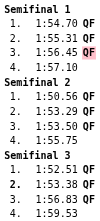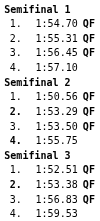 <table style="text-align:center">
 <tr>
 <td colspan=4 align=left><strong>Semifinal 1</strong></td>
 </tr>
 <tr>
 <td width=30>1.</td>
 <td align=left></td>
 <td width=60>1:54.70</td>
 <td><strong>QF</strong></td>
 </tr>
 <tr>
 <td>2.</td>
 <td align=left></td>
 <td>1:55.31</td>
 <td><strong>QF</strong></td>
 </tr>
 <tr>
 <td>3.</td>
 <td align=left></td>
 <td>1:56.45</td>
-<td style="background: pink;"><strong>QF</strong></td>
+<td><strong>QF</strong></td>
 </tr>
 <tr>
 <td>4.</td>
 <td align=left></td>
 <td>1:57.10</td>
 <td></td>
 </tr>
 <tr>
 <td colspan=4 align=left><strong>Semifinal 2</strong></td>
 </tr>
 <tr>
 <td width=30>1.</td>
 <td align=left></td>
 <td width=60>1:50.56</td>
 <td><strong>QF</strong></td>
 </tr>
 <tr>
-<td>2.</td>
+<td><strong>2.</strong></td>
 <td align=left></td>
 <td>1:53.29</td>
 <td><strong>QF</strong></td>
 </tr>
 <tr>
 <td>3.</td>
 <td align=left></td>
 <td>1:53.50</td>
 <td><strong>QF</strong></td>
 </tr>
 <tr>
-<td>4.</td>
+<td><strong>4.</strong></td>
 <td align=left></td>
 <td>1:55.75</td>
 <td></td>
 </tr>
 <tr>
 <td colspan=4 align=left><strong>Semifinal 3</strong></td>
 </tr>
 <tr>
 <td width=30>1.</td>
 <td align=left></td>
 <td width=60>1:52.51</td>
 <td><strong>QF</strong></td>
 </tr>
 <tr>
 <td><strong>2.</strong></td>
 <td align=left></td>
 <td>1:53.38</td>
 <td><strong>QF</strong></td>
 </tr>
 <tr>
 <td>3.</td>
 <td align=left></td>
 <td>1:56.83</td>
 <td><strong>QF</strong></td>
 </tr>
 <tr>
 <td>4.</td>
 <td align=left></td>
 <td>1:59.53</td>
 <td></td>
 </tr>
 </table>
